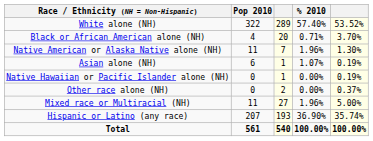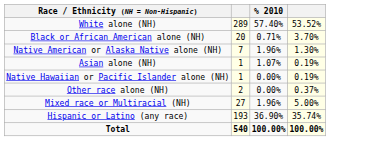 <table class="wikitable" style="text-align:center;">
 <tr>
 <th>Race / Ethnicity <small>(<em>NH = Non-Hispanic</em>)</small></th>
-<th>Pop 2010</th>
 <th></th>
 <th>% 2010</th>
 <th></th>
 </tr>
 <tr>
 <td><a href='#'>White</a> alone (NH)</td>
-<td>322</td>
 <td style='background: #ffffe6;'>289</td>
 <td>57.40%</td>
 <td style='background: #ffffe6;'>53.52%</td>
 </tr>
 <tr>
 <td><a href='#'>Black or African American</a> alone (NH)</td>
-<td>4</td>
 <td style='background: #ffffe6;'>20</td>
 <td>0.71%</td>
 <td style='background: #ffffe6;'>3.70%</td>
 </tr>
 <tr>
 <td><a href='#'>Native American</a> or <a href='#'>Alaska Native</a> alone (NH)</td>
-<td>11</td>
 <td style='background: #ffffe6;'>7</td>
 <td>1.96%</td>
 <td style='background: #ffffe6;'>1.30%</td>
 </tr>
 <tr>
 <td><a href='#'>Asian</a> alone (NH)</td>
-<td>6</td>
 <td style='background: #ffffe6;'>1</td>
 <td>1.07%</td>
 <td style='background: #ffffe6;'>0.19%</td>
 </tr>
 <tr>
 <td><a href='#'>Native Hawaiian</a> or <a href='#'>Pacific Islander</a> alone (NH)</td>
-<td>0</td>
 <td style='background: #ffffe6;'>1</td>
 <td>0.00%</td>
 <td style='background: #ffffe6;'>0.19%</td>
 </tr>
 <tr>
 <td><a href='#'>Other race</a> alone (NH)</td>
-<td>0</td>
 <td style='background: #ffffe6;'>2</td>
 <td>0.00%</td>
 <td style='background: #ffffe6;'>0.37%</td>
 </tr>
 <tr>
 <td><a href='#'>Mixed race or Multiracial</a> (NH)</td>
-<td>11</td>
 <td style='background: #ffffe6;'>27</td>
 <td>1.96%</td>
 <td style='background: #ffffe6;'>5.00%</td>
 </tr>
 <tr>
 <td><a href='#'>Hispanic or Latino</a> (any race)</td>
-<td>207</td>
 <td style='background: #ffffe6;'>193</td>
 <td>36.90%</td>
 <td style='background: #ffffe6;'>35.74%</td>
 </tr>
 <tr>
 <td><strong>Total</strong></td>
-<td><strong>561</strong></td>
 <td style='background: #ffffe6;'><strong>540</strong></td>
 <td><strong>100.00%</strong></td>
 <td style='background: #ffffe6;'><strong>100.00%</strong></td>
 </tr>
 </table>
